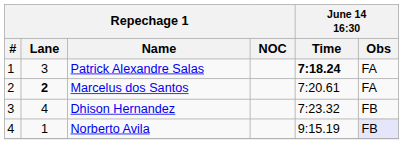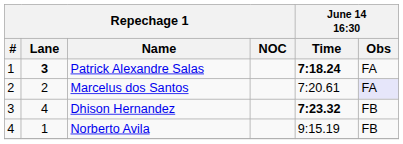 <table class="wikitable" width=500>
 <tr>
 <th colspan=4>Repechage 1</th>
 <th colspan=2><small>June 14<br>16:30</small></th>
 </tr>
 <tr>
 <th>#</th>
 <th>Lane</th>
 <th>Name</th>
 <th>NOC</th>
 <th>Time</th>
 <th>Obs</th>
 </tr>
 <tr>
 <td>1</td>
-<td align=center>3</td>
+<td align=center><strong>3</strong></td>
 <td><a href='#'>Patrick Alexandre Salas</a></td>
 <td></td>
 <td><strong>7:18.24</strong></td>
 <td>FA</td>
 </tr>
 <tr>
 <td>2</td>
-<td align=center><strong>2</strong></td>
+<td align=center>2</td>
 <td><a href='#'>Marcelus dos Santos</a></td>
 <td></td>
 <td>7:20.61</td>
-<td>FA</td>
+<td style="background: lavender;">FA</td>
 </tr>
 <tr>
 <td>3</td>
 <td align=center>4</td>
 <td><a href='#'>Dhison Hernandez</a></td>
 <td></td>
-<td>7:23.32</td>
+<td><strong>7:23.32</strong></td>
 <td>FB</td>
 </tr>
 <tr>
 <td>4</td>
 <td align=center>1</td>
 <td><a href='#'>Norberto Avila</a></td>
 <td></td>
 <td>9:15.19</td>
-<td style="background: lavender;">FB</td>
+<td>FB</td>
 </tr>
 <tr>
 </tr>
 </table>
